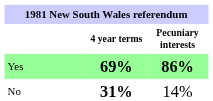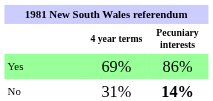 <table class="toccolours" align="right" cellpadding="5" cellspacing="0" style="margin: .4em;" width="300">
 <tr>
 <td colspan=6 align=center></td>
 </tr>
 <tr bgcolor="#ccccff">
 <td colspan="6" align="center"><strong>1981 New South Wales referendum</strong></td>
 </tr>
 <tr style="font-size: 90%;">
 <th align="left" width="40%"></th>
 <th align="center" width= "30%">4 year terms</th>
 <th align="center" width= "30%">Pecuniary interests</th>
 </tr>
 <tr bgcolor="#9F9">
 <td>Yes</td>
-<td width="20%" align="center" style="font-size: 150%;"><strong>69%</strong></td>
-<td width="20%" align="center" style="font-size: 150%;"><strong>86%</strong></td>
+<td width="20%" align="center" style="font-size: 150%;">69%</td>
+<td width="20%" align="center" style="font-size: 150%;">86%</td>
 </tr>
 <tr>
 <td>No</td>
-<td align="center" style="font-size: 150%"><strong>31%</strong></td>
-<td align="center" style="font-size: 150%">14%</td>
+<td align="center" style="font-size: 150%">31%</td>
+<td align="center" style="font-size: 150%"><strong>14%</strong></td>
 </tr>
 </table>
